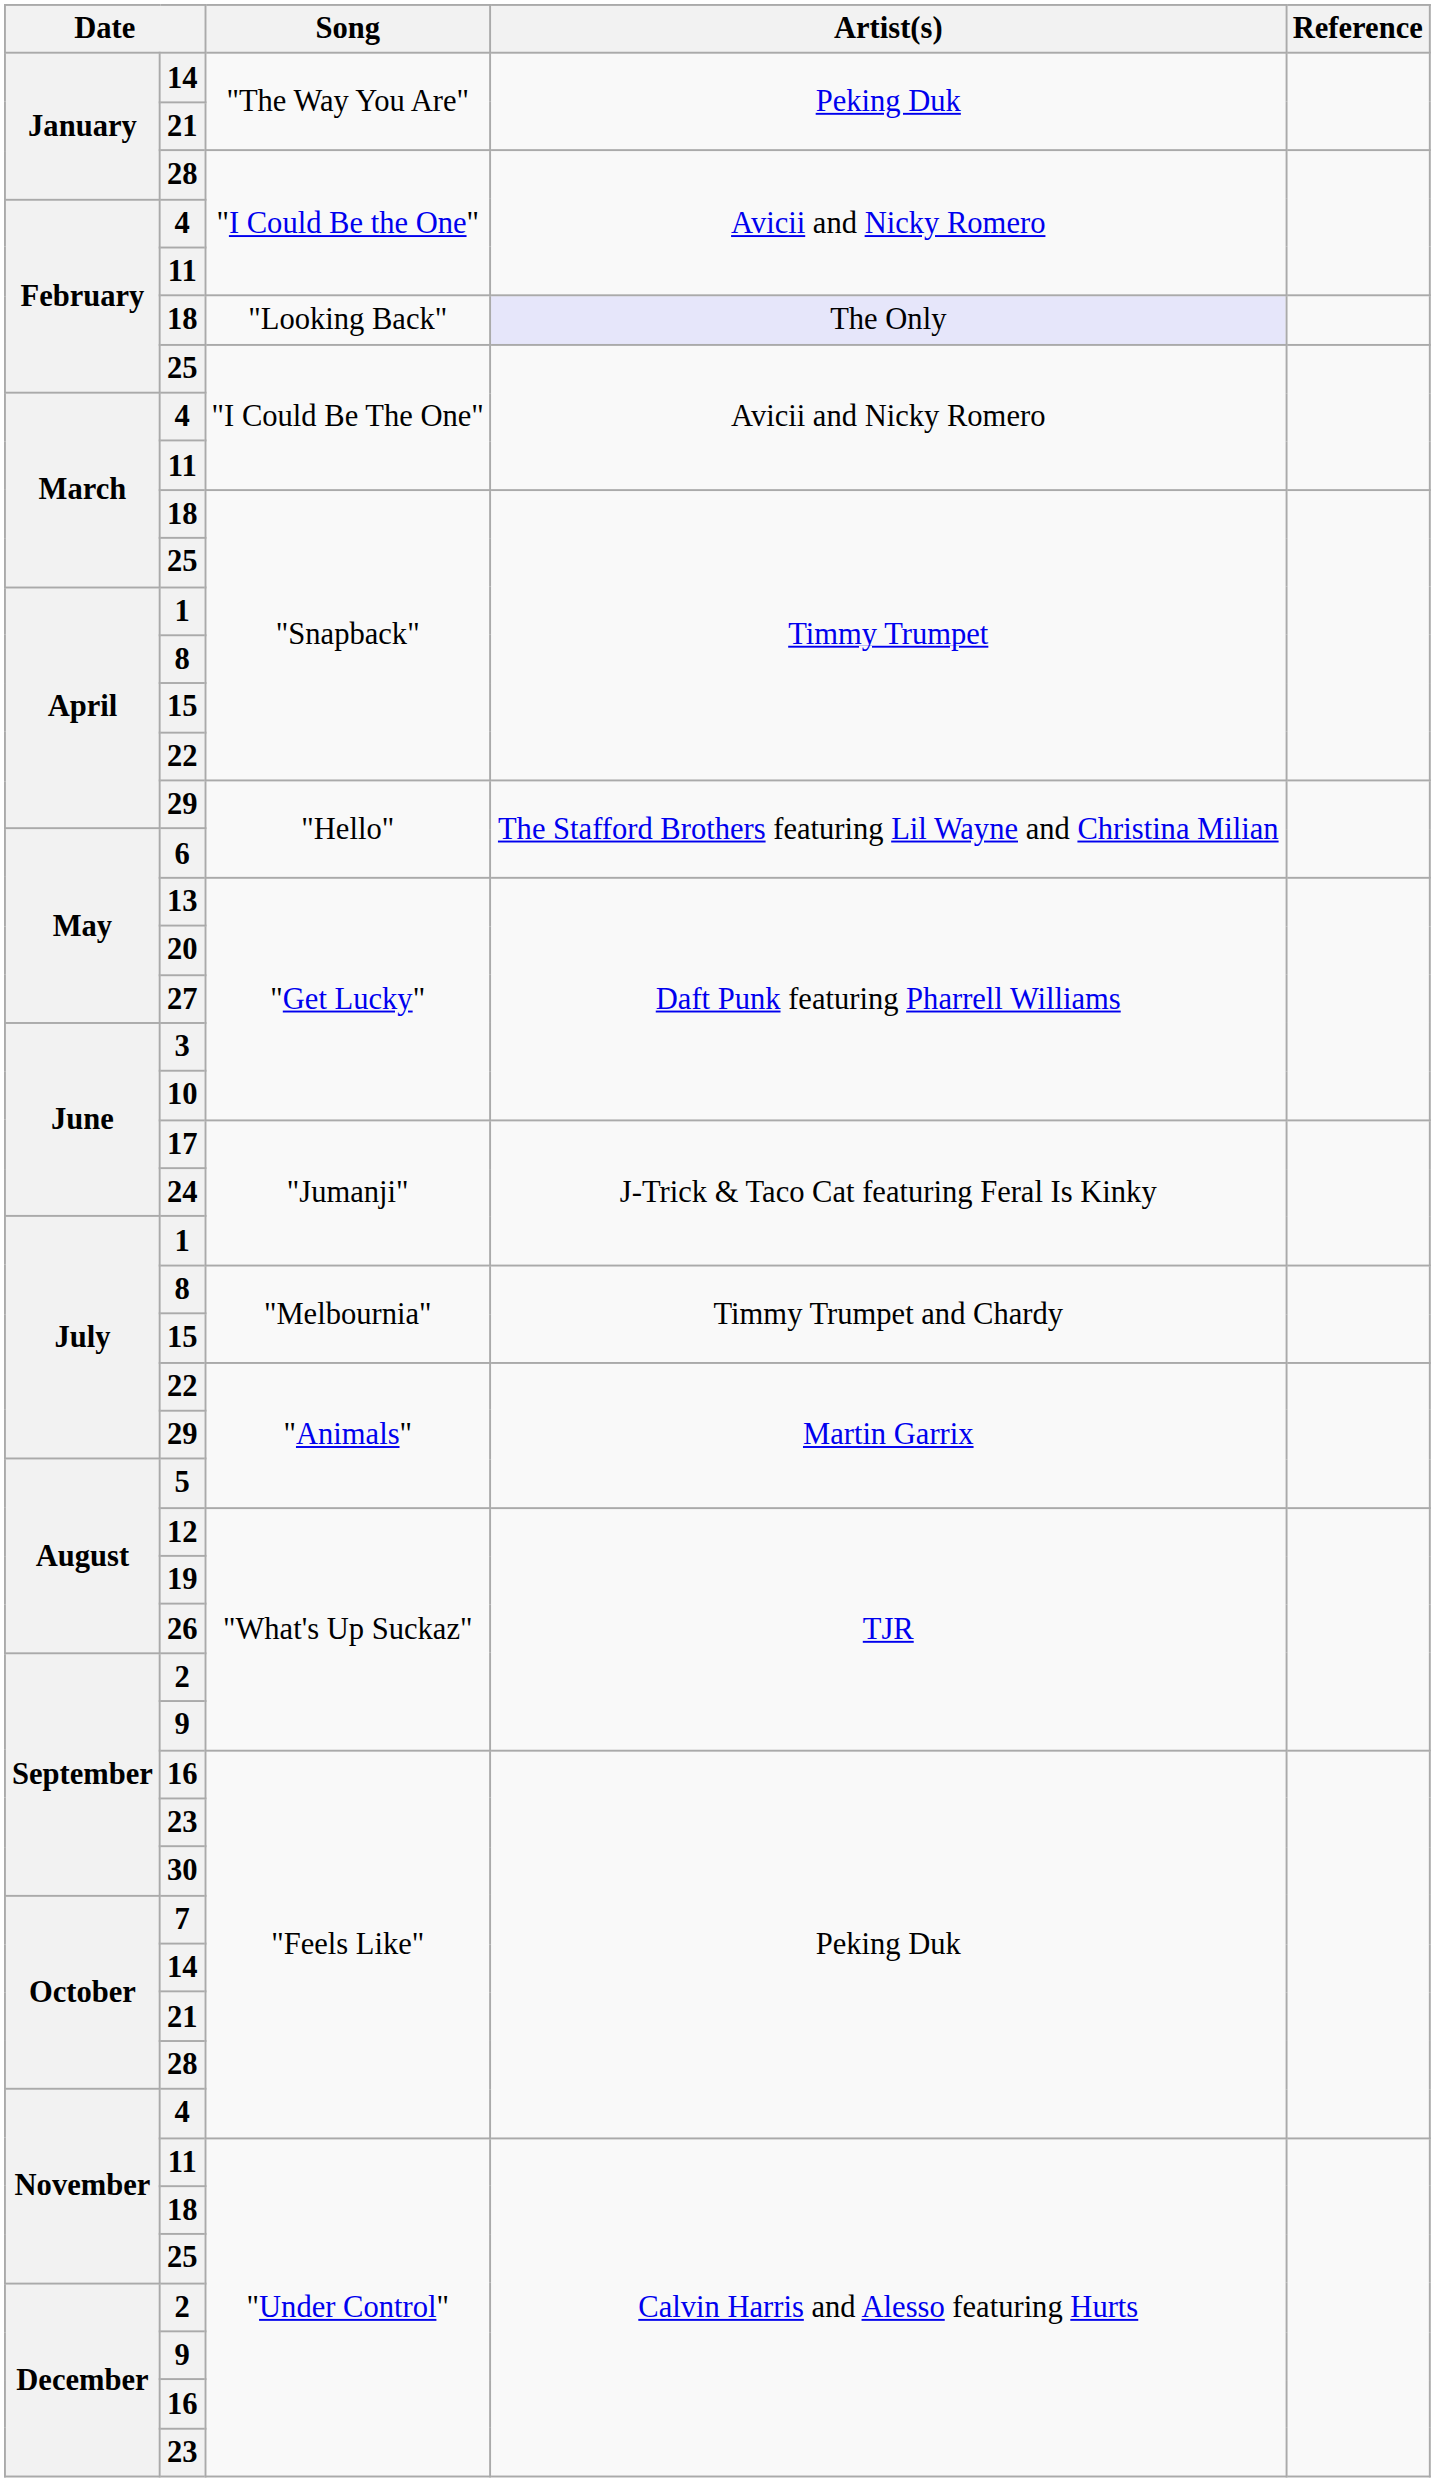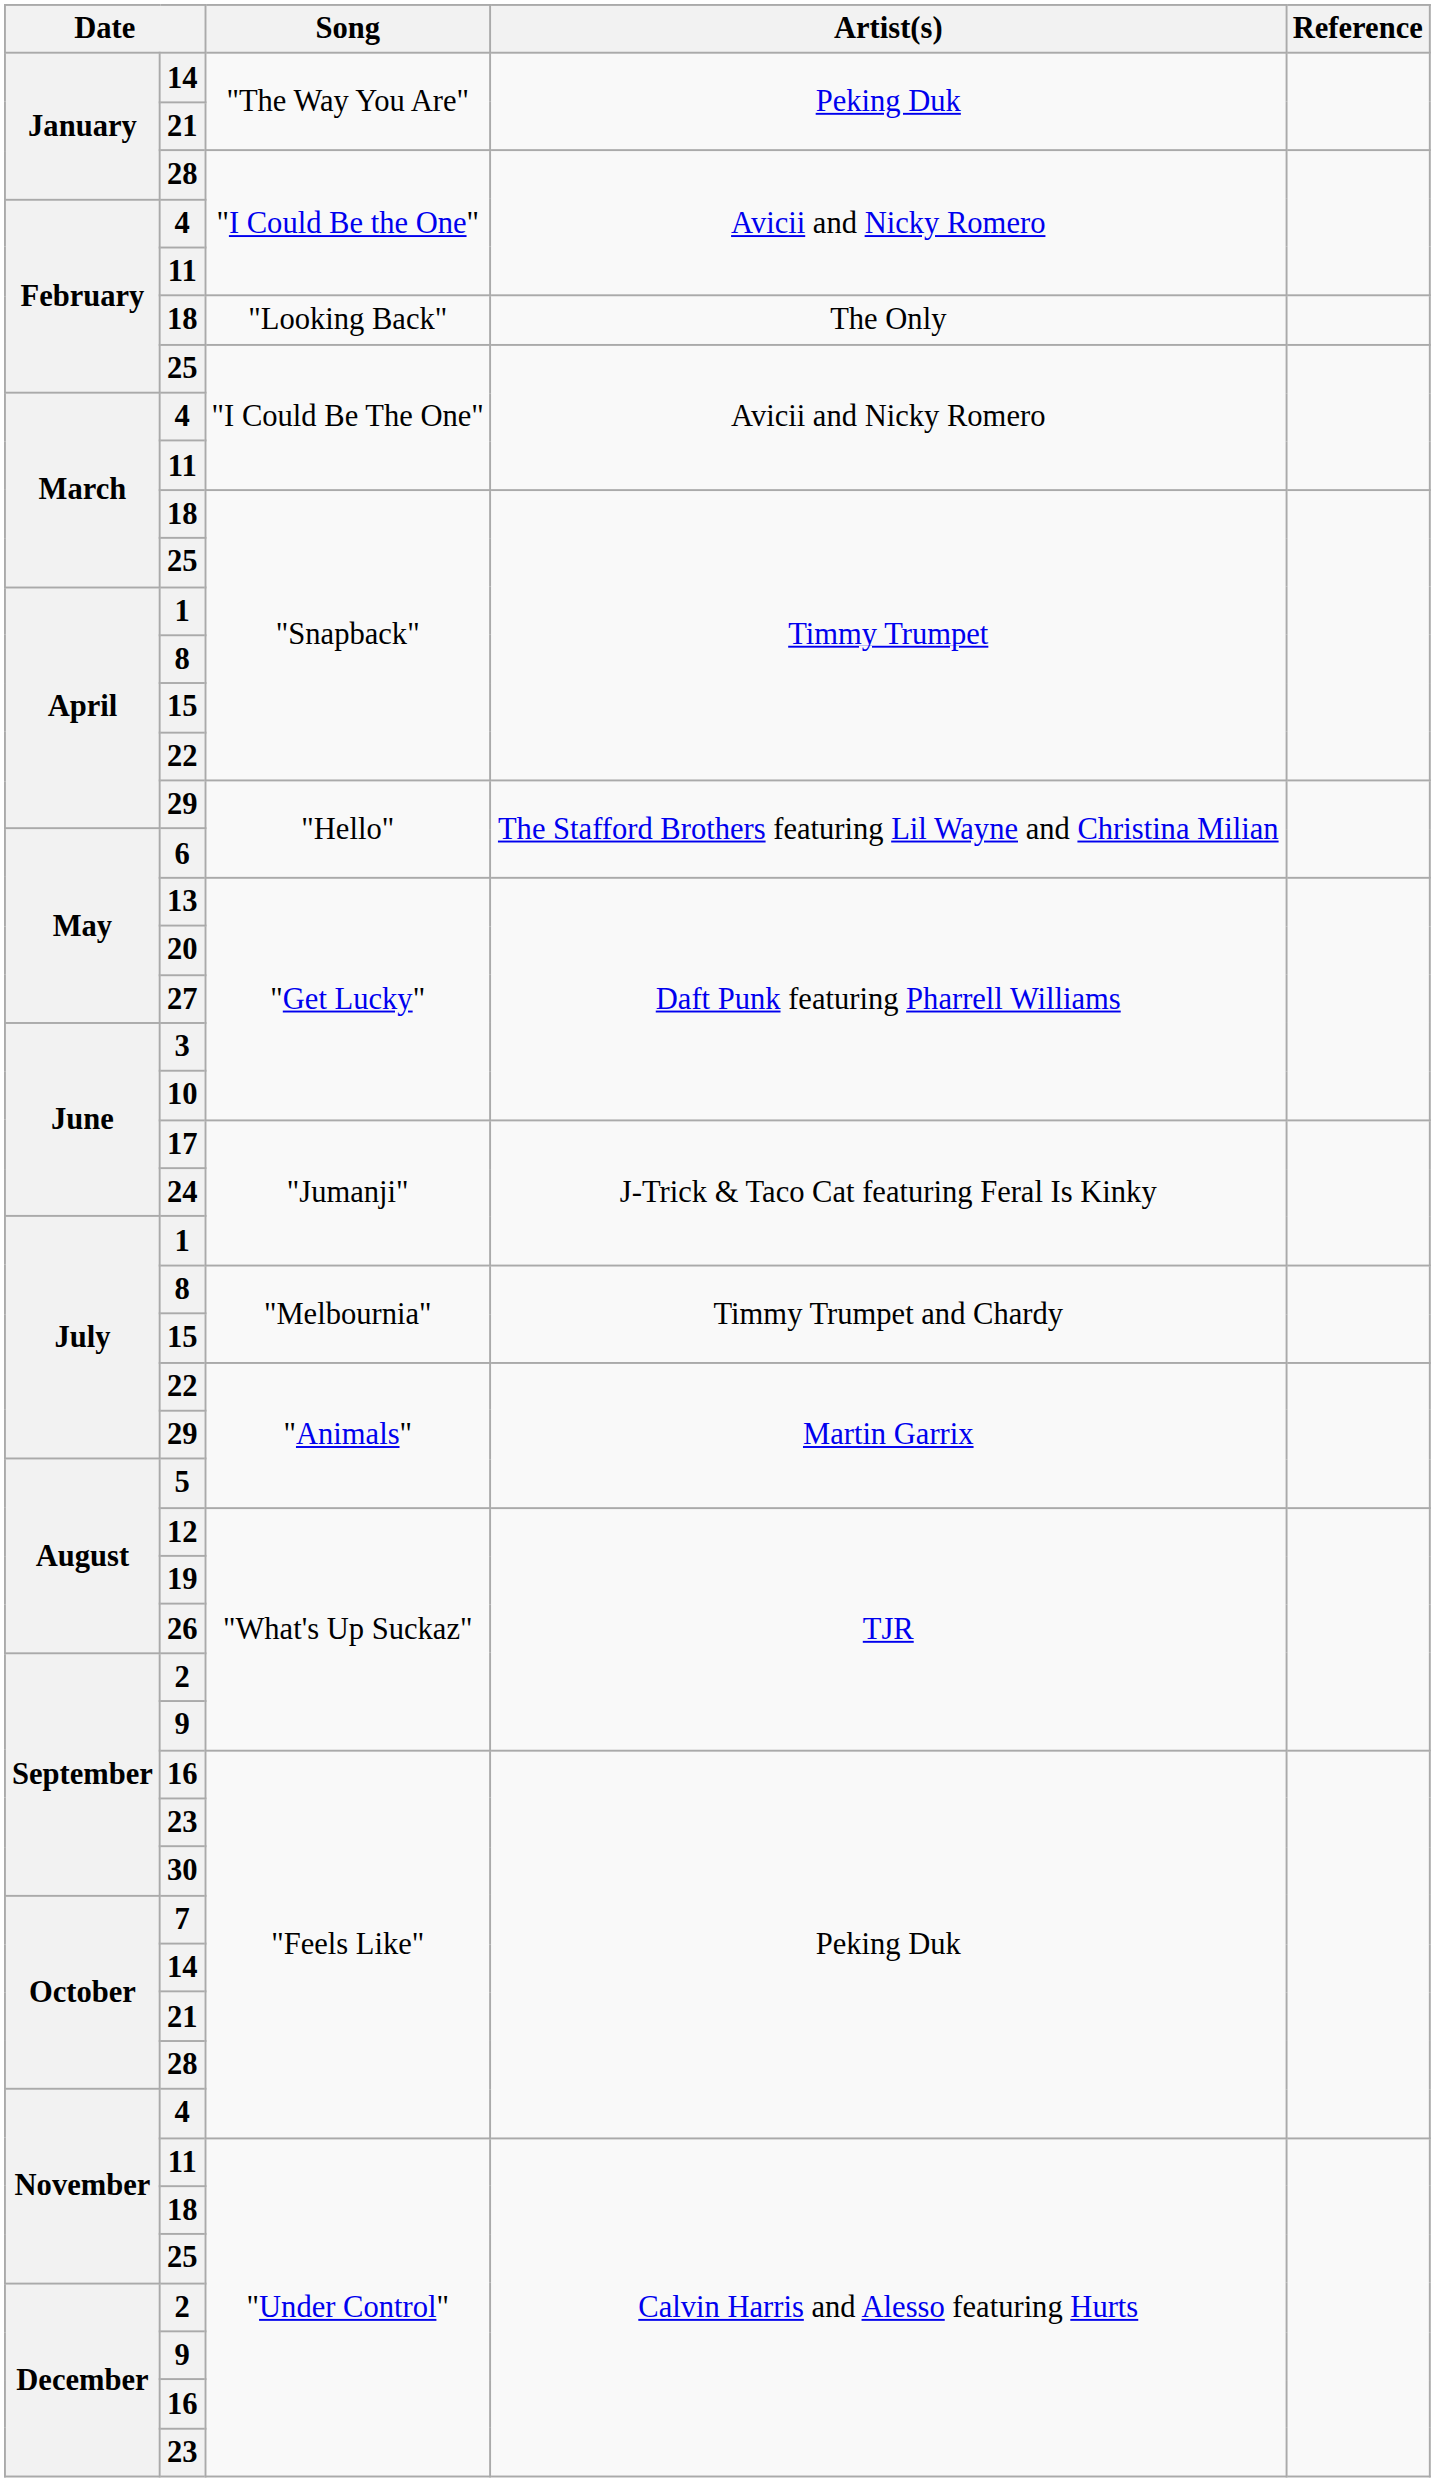 <table class="wikitable">
 <tr>
 <th colspan="2">Date</th>
 <th>Song</th>
 <th>Artist(s)</th>
 <th>Reference</th>
 </tr>
 <tr>
 <th rowspan="3">January</th>
 <th>14</th>
 <td rowspan="2" align="center">"The Way You Are"</td>
 <td rowspan="2" align="center"><a href='#'>Peking Duk</a></td>
 <td rowspan="2" align="center"></td>
 </tr>
 <tr>
 <th>21</th>
 </tr>
 <tr>
 <th>28</th>
 <td rowspan="3" align="center">"<a href='#'>I Could Be the One</a>"</td>
 <td rowspan="3" align="center"><a href='#'>Avicii</a> and <a href='#'>Nicky Romero</a></td>
 <td rowspan="3" align="center"></td>
 </tr>
 <tr>
 <th rowspan="4">February</th>
 <th>4</th>
 </tr>
 <tr>
 <th>11</th>
 </tr>
 <tr>
 <th>18</th>
 <td align="center">"Looking Back"</td>
-<td align="center" style="background: lavender;">The Only</td>
+<td align="center">The Only</td>
 <td align="center"></td>
 </tr>
 <tr>
 <th>25</th>
 <td rowspan="3" align="center">"I Could Be The One"</td>
 <td rowspan="3" align="center">Avicii and Nicky Romero</td>
 <td rowspan="3" align="center"></td>
 </tr>
 <tr>
 <th rowspan="4">March</th>
 <th>4</th>
 </tr>
 <tr>
 <th>11</th>
 </tr>
 <tr>
 <th>18</th>
 <td rowspan="6" align="center">"Snapback"</td>
 <td rowspan="6" align="center"><a href='#'>Timmy Trumpet</a></td>
 <td rowspan="6" align="center"></td>
 </tr>
 <tr>
 <th>25</th>
 </tr>
 <tr>
 <th rowspan="5">April</th>
 <th>1</th>
 </tr>
 <tr>
 <th>8</th>
 </tr>
 <tr>
 <th>15</th>
 </tr>
 <tr>
 <th>22</th>
 </tr>
 <tr>
 <th>29</th>
 <td rowspan="2" align="center">"Hello"</td>
 <td rowspan="2" align="center"><a href='#'>The Stafford Brothers</a> featuring <a href='#'>Lil Wayne</a> and <a href='#'>Christina Milian</a></td>
 <td rowspan="2" align="center"></td>
 </tr>
 <tr>
 <th rowspan="4">May</th>
 <th>6</th>
 </tr>
 <tr>
 <th>13</th>
 <td rowspan="5" align="center">"<a href='#'>Get Lucky</a>"</td>
 <td rowspan="5" align="center"><a href='#'>Daft Punk</a> featuring <a href='#'>Pharrell Williams</a></td>
 <td rowspan="5" align="center"></td>
 </tr>
 <tr>
 <th>20</th>
 </tr>
 <tr>
 <th>27</th>
 </tr>
 <tr>
 <th rowspan="4">June</th>
 <th>3</th>
 </tr>
 <tr>
 <th>10</th>
 </tr>
 <tr>
 <th>17</th>
 <td rowspan="3" align="center">"Jumanji"</td>
 <td rowspan="3" align="center">J-Trick & Taco Cat featuring Feral Is Kinky</td>
 <td rowspan="3" align="center"></td>
 </tr>
 <tr>
 <th>24</th>
 </tr>
 <tr>
 <th rowspan="5">July</th>
 <th>1</th>
 </tr>
 <tr>
 <th>8</th>
 <td rowspan="2" align="center">"Melbournia"</td>
 <td rowspan="2" align="center">Timmy Trumpet and Chardy</td>
 <td rowspan="2" align="center"></td>
 </tr>
 <tr>
 <th>15</th>
 </tr>
 <tr>
 <th>22</th>
 <td rowspan="3" align="center">"<a href='#'>Animals</a>"</td>
 <td rowspan="3" align="center"><a href='#'>Martin Garrix</a></td>
 <td rowspan="3" align="center"></td>
 </tr>
 <tr>
 <th>29</th>
 </tr>
 <tr>
 <th rowspan="4">August</th>
 <th>5</th>
 </tr>
 <tr>
 <th>12</th>
 <td rowspan="5" align="center">"What's Up Suckaz"</td>
 <td rowspan="5" align="center"><a href='#'>TJR</a></td>
 <td rowspan="5" align="center"></td>
 </tr>
 <tr>
 <th>19</th>
 </tr>
 <tr>
 <th>26</th>
 </tr>
 <tr>
 <th rowspan="5">September</th>
 <th>2</th>
 </tr>
 <tr>
 <th>9</th>
 </tr>
 <tr>
 <th>16</th>
 <td rowspan="8" align="center">"Feels Like"</td>
 <td rowspan="8" align="center">Peking Duk</td>
 <td rowspan="8" align="center"></td>
 </tr>
 <tr>
 <th>23</th>
 </tr>
 <tr>
 <th>30</th>
 </tr>
 <tr>
 <th rowspan="4">October</th>
 <th>7</th>
 </tr>
 <tr>
 <th>14</th>
 </tr>
 <tr>
 <th>21</th>
 </tr>
 <tr>
 <th>28</th>
 </tr>
 <tr>
 <th rowspan="4">November</th>
 <th>4</th>
 </tr>
 <tr>
 <th>11</th>
 <td rowspan="7" align="center">"<a href='#'>Under Control</a>"</td>
 <td rowspan="7" align="center"><a href='#'>Calvin Harris</a> and <a href='#'>Alesso</a> featuring <a href='#'>Hurts</a></td>
 <td rowspan="7" align="center"></td>
 </tr>
 <tr>
 <th>18</th>
 </tr>
 <tr>
 <th>25</th>
 </tr>
 <tr>
 <th rowspan="4">December</th>
 <th>2</th>
 </tr>
 <tr>
 <th>9</th>
 </tr>
 <tr>
 <th>16</th>
 </tr>
 <tr>
 <th>23</th>
 </tr>
 </table>
